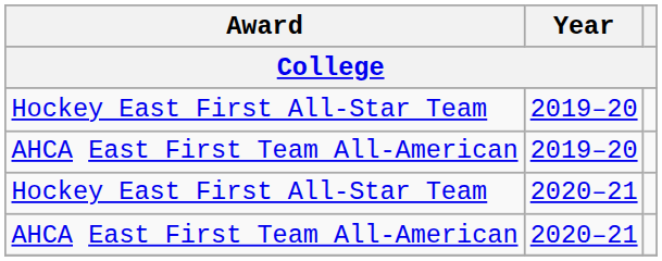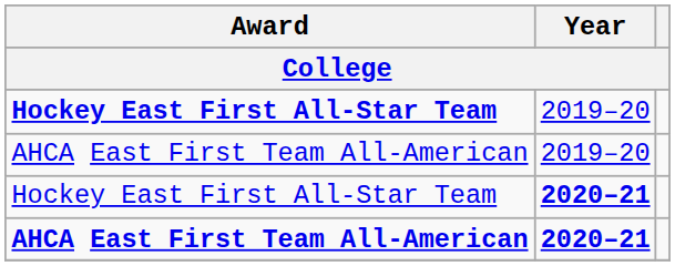 <table class="wikitable">
 <tr>
 <th>Award</th>
 <th>Year</th>
 <th></th>
 </tr>
 <tr ALIGN="center" bgcolor="#e0e0e0">
 <th colspan="3"><a href='#'>College</a></th>
 </tr>
 <tr>
-<td><a href='#'>Hockey East First All-Star Team</a></td>
+<td><strong><a href='#'>Hockey East First All-Star Team</a></strong></td>
 <td><a href='#'>2019–20</a></td>
 <td></td>
 </tr>
 <tr>
 <td><a href='#'>AHCA</a> <a href='#'>East First Team All-American</a></td>
 <td><a href='#'>2019–20</a></td>
 <td></td>
 </tr>
 <tr>
 <td><a href='#'>Hockey East First All-Star Team</a></td>
-<td><a href='#'>2020–21</a></td>
+<td><strong><a href='#'>2020–21</a></strong></td>
 <td></td>
 </tr>
 <tr>
-<td><a href='#'>AHCA</a> <a href='#'>East First Team All-American</a></td>
-<td><a href='#'>2020–21</a></td>
+<td><strong><a href='#'>AHCA</a> <a href='#'>East First Team All-American</a></strong></td>
+<td><strong><a href='#'>2020–21</a></strong></td>
 <td></td>
 </tr>
 <tr>
 </tr>
 </table>
